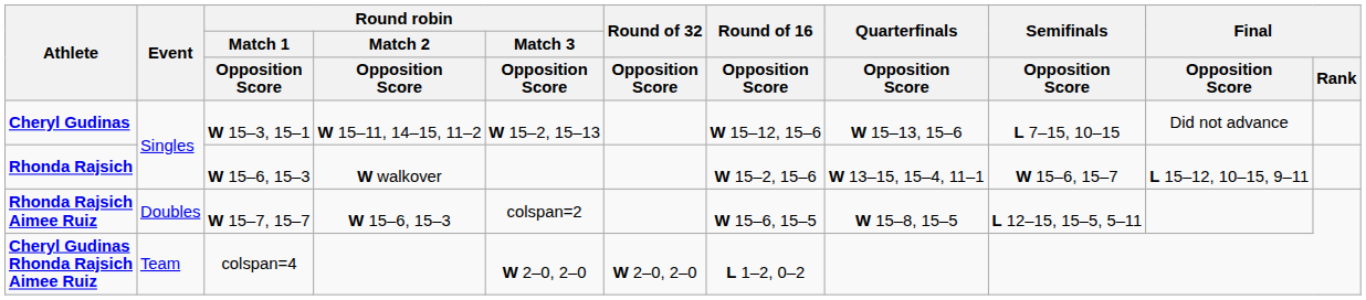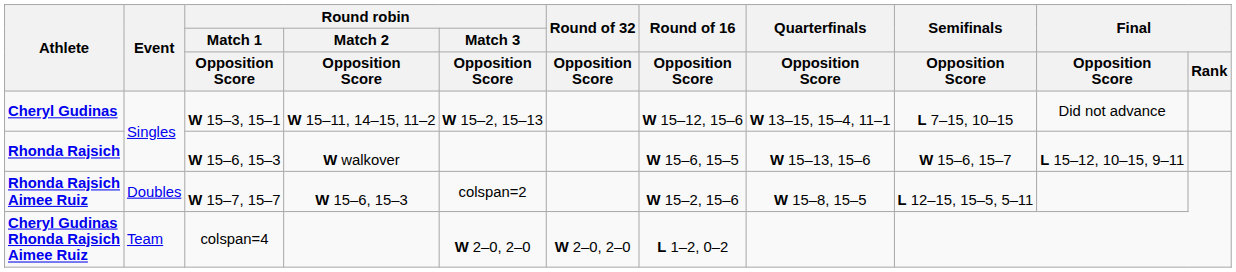 <table class="wikitable" style="font-size:90%">
 <tr>
 <th rowspan=3>Athlete</th>
 <th rowspan=3>Event</th>
 <th colspan=3>Round robin</th>
 <th rowspan=2>Round of 32</th>
 <th rowspan=2>Round of 16</th>
 <th rowspan=2>Quarterfinals</th>
 <th rowspan=2>Semifinals</th>
 <th colspan=2 rowspan=2>Final</th>
 </tr>
 <tr>
 <th>Match 1</th>
 <th>Match 2</th>
 <th>Match 3</th>
 </tr>
 <tr>
 <th>Opposition<br>Score</th>
 <th>Opposition<br>Score</th>
 <th>Opposition<br>Score</th>
 <th>Opposition<br>Score</th>
 <th>Opposition<br>Score</th>
 <th>Opposition<br>Score</th>
 <th>Opposition<br>Score</th>
 <th>Opposition<br>Score</th>
 <th>Rank</th>
 </tr>
 <tr align=center>
 <td align=left><strong><a href='#'>Cheryl Gudinas</a></strong></td>
 <td align=left rowspan=2><a href='#'>Singles</a></td>
 <td><br><strong>W</strong> 15–3, 15–1</td>
 <td><br><strong>W</strong> 15–11, 14–15, 11–2</td>
 <td><br><strong>W</strong> 15–2, 15–13</td>
 <td></td>
 <td><br><strong>W</strong> 15–12, 15–6</td>
-<td><br><strong>W</strong> 15–13, 15–6</td>
+<td><br><strong>W</strong> 13–15, 15–4, 11–1</td>
 <td><br><strong>L</strong> 7–15, 10–15</td>
 <td>Did not advance</td>
 <td></td>
 </tr>
 <tr align=center>
 <td align=left><strong><a href='#'>Rhonda Rajsich</a></strong></td>
 <td><br><strong>W</strong> 15–6, 15–3</td>
 <td><br><strong>W</strong> walkover</td>
 <td></td>
 <td></td>
-<td><br><strong>W</strong> 15–2, 15–6</td>
-<td><br><strong>W</strong> 13–15, 15–4, 11–1</td>
+<td><br><strong>W</strong> 15–6, 15–5</td>
+<td><br><strong>W</strong> 15–13, 15–6</td>
 <td><br><strong>W</strong> 15–6, 15–7</td>
 <td><br><strong>L</strong> 15–12, 10–15, 9–11</td>
 <td></td>
 </tr>
 <tr align=center>
 <td align=left><strong><a href='#'>Rhonda Rajsich</a><br><a href='#'>Aimee Ruiz</a></strong></td>
 <td align=left><a href='#'>Doubles</a></td>
 <td><br><strong>W</strong> 15–7, 15–7</td>
 <td><br><strong>W</strong> 15–6, 15–3</td>
 <td>colspan=2 </td>
 <td></td>
-<td><br><strong>W</strong> 15–6, 15–5</td>
+<td><br><strong>W</strong> 15–2, 15–6</td>
 <td><br><strong>W</strong> 15–8, 15–5</td>
 <td><br><strong>L</strong> 12–15, 15–5, 5–11</td>
 <td></td>
 </tr>
 <tr align=center>
 <td align=left><strong><a href='#'>Cheryl Gudinas</a><br><a href='#'>Rhonda Rajsich</a><br><a href='#'>Aimee Ruiz</a></strong></td>
 <td align=left><a href='#'>Team</a></td>
 <td>colspan=4 </td>
 <td></td>
 <td><br><strong>W</strong> 2–0, 2–0</td>
 <td><br><strong>W</strong> 2–0, 2–0</td>
 <td><br><strong>L</strong> 1–2, 0–2</td>
 <td></td>
 </tr>
 </table>
